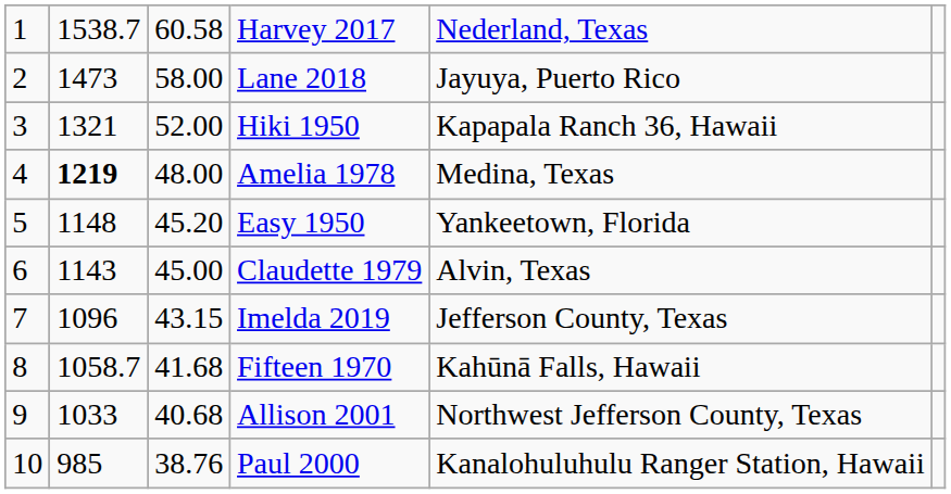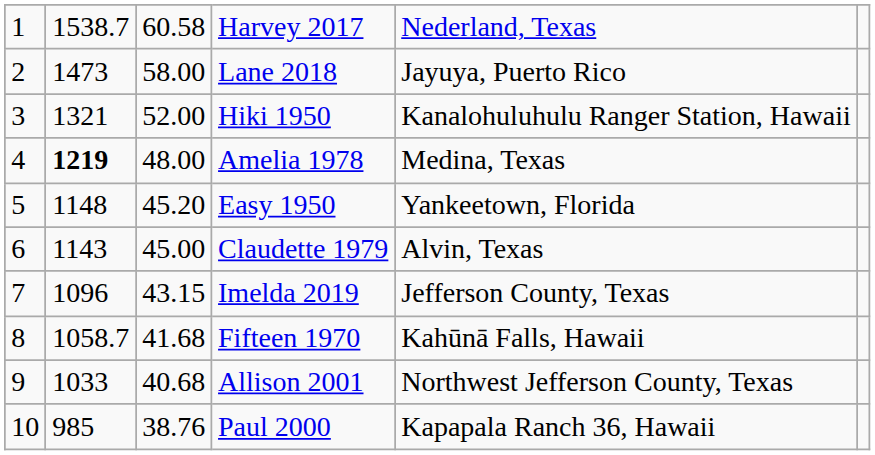 <table class="wikitable">
 <tr>
 <td>1</td>
 <td>1538.7</td>
 <td>60.58</td>
 <td><a href='#'>Harvey 2017</a></td>
 <td><a href='#'>Nederland, Texas</a></td>
 <td></td>
 </tr>
 <tr>
 <td>2</td>
 <td>1473</td>
 <td>58.00</td>
 <td><a href='#'>Lane 2018</a></td>
 <td>Jayuya, Puerto Rico</td>
 <td></td>
 </tr>
 <tr>
 <td>3</td>
 <td>1321</td>
 <td>52.00</td>
 <td><a href='#'>Hiki 1950</a></td>
-<td>Kapapala Ranch 36, Hawaii</td>
+<td>Kanalohuluhulu Ranger Station, Hawaii</td>
 <td></td>
 </tr>
 <tr>
 <td>4</td>
 <td><strong>1219</strong></td>
 <td>48.00</td>
 <td><a href='#'>Amelia 1978</a></td>
 <td>Medina, Texas</td>
 <td></td>
 </tr>
 <tr>
 <td>5</td>
 <td>1148</td>
 <td>45.20</td>
 <td><a href='#'>Easy 1950</a></td>
 <td>Yankeetown, Florida</td>
 <td></td>
 </tr>
 <tr>
 <td>6</td>
 <td>1143</td>
 <td>45.00</td>
 <td><a href='#'>Claudette 1979</a></td>
 <td>Alvin, Texas</td>
 <td></td>
 </tr>
 <tr>
 <td>7</td>
 <td>1096</td>
 <td>43.15</td>
 <td><a href='#'>Imelda 2019</a></td>
 <td>Jefferson County, Texas</td>
 <td></td>
 </tr>
 <tr>
 <td>8</td>
 <td>1058.7</td>
 <td>41.68</td>
 <td><a href='#'>Fifteen 1970</a></td>
 <td>Kahūnā Falls, Hawaii</td>
 <td></td>
 </tr>
 <tr>
 <td>9</td>
 <td>1033</td>
 <td>40.68</td>
 <td><a href='#'>Allison 2001</a></td>
 <td>Northwest Jefferson County, Texas</td>
 <td></td>
 </tr>
 <tr>
 <td>10</td>
 <td>985</td>
 <td>38.76</td>
 <td><a href='#'>Paul 2000</a></td>
-<td>Kanalohuluhulu Ranger Station, Hawaii</td>
+<td>Kapapala Ranch 36, Hawaii</td>
 <td></td>
 </tr>
 </table>
